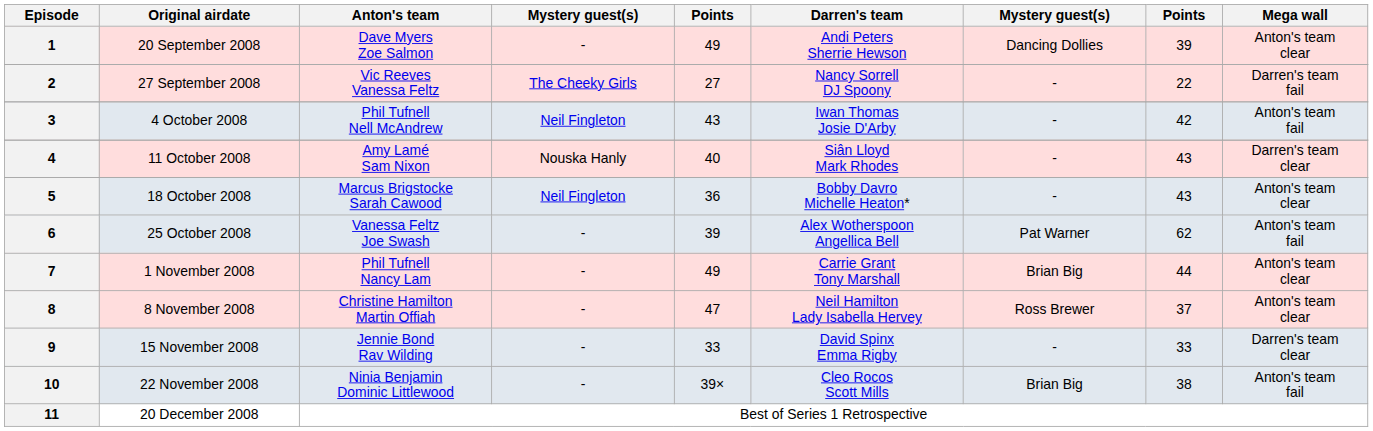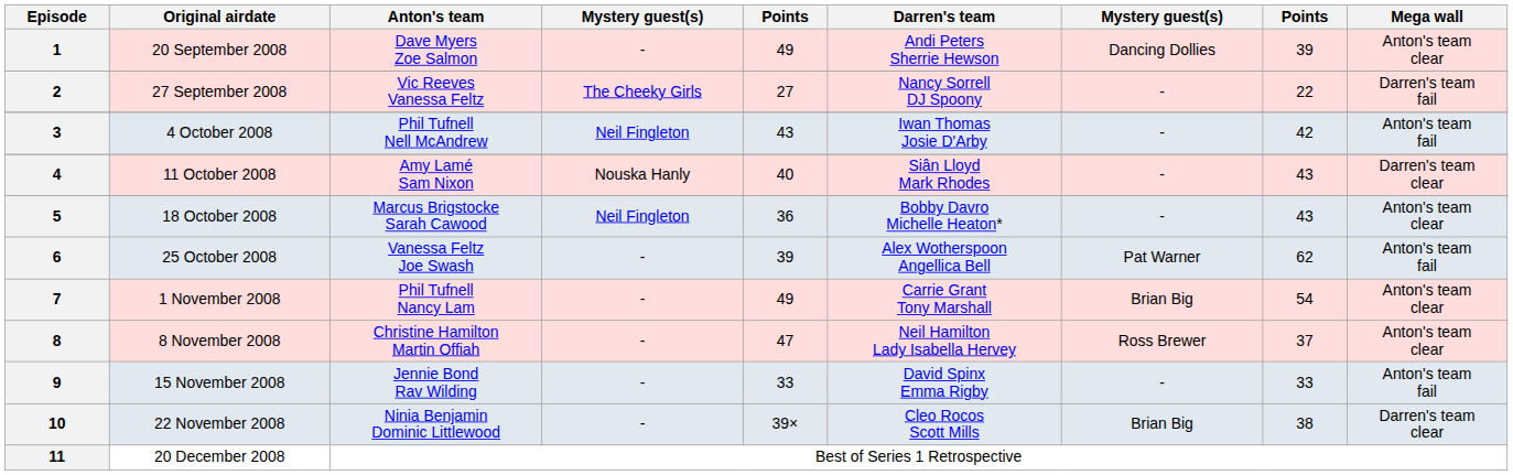 <table class="wikitable" width="99%" style="left: 0 auto; text-align: center;">
 <tr>
 <th>Episode</th>
 <th>Original airdate</th>
 <th>Anton's team</th>
 <th>Mystery guest(s)</th>
 <th>Points</th>
 <th>Darren's team</th>
 <th>Mystery guest(s)</th>
 <th>Points</th>
 <th>Mega wall</th>
 </tr>
 <tr bgcolor="ffdddd">
 <th>1</th>
 <td>20 September 2008</td>
 <td><a href='#'>Dave Myers</a><br><a href='#'>Zoe Salmon</a></td>
 <td>-</td>
 <td>49</td>
 <td><a href='#'>Andi Peters</a><br><a href='#'>Sherrie Hewson</a></td>
 <td>Dancing Dollies</td>
 <td>39</td>
 <td>Anton's team<br>clear</td>
 </tr>
 <tr>
 </tr>
 <tr bgcolor="ffdddd">
 <th>2</th>
 <td>27 September 2008</td>
 <td><a href='#'>Vic Reeves</a><br><a href='#'>Vanessa Feltz</a></td>
 <td><a href='#'>The Cheeky Girls</a></td>
 <td>27</td>
 <td><a href='#'>Nancy Sorrell</a><br><a href='#'>DJ Spoony</a></td>
 <td>-</td>
 <td>22</td>
 <td>Darren's team<br>fail</td>
 </tr>
 <tr>
 </tr>
 <tr bgcolor="E1E8EF">
 <th>3</th>
 <td>4 October 2008</td>
 <td><a href='#'>Phil Tufnell</a><br><a href='#'>Nell McAndrew</a></td>
 <td><a href='#'>Neil Fingleton</a></td>
 <td>43</td>
 <td><a href='#'>Iwan Thomas</a><br><a href='#'>Josie D'Arby</a></td>
 <td>-</td>
 <td>42</td>
 <td>Anton's team<br>fail</td>
 </tr>
 <tr>
 </tr>
 <tr bgcolor="ffdddd">
 <th>4</th>
 <td>11 October 2008</td>
 <td><a href='#'>Amy Lamé</a><br><a href='#'>Sam Nixon</a></td>
 <td>Nouska Hanly</td>
 <td>40</td>
 <td><a href='#'>Siân Lloyd</a><br><a href='#'>Mark Rhodes</a></td>
 <td>-</td>
 <td>43</td>
 <td>Darren's team<br>clear</td>
 </tr>
 <tr>
 </tr>
 <tr bgcolor="E1E8EF">
 <th>5</th>
 <td>18 October 2008</td>
 <td><a href='#'>Marcus Brigstocke</a><br><a href='#'>Sarah Cawood</a></td>
 <td><a href='#'>Neil Fingleton</a></td>
 <td>36</td>
 <td><a href='#'>Bobby Davro</a><br><a href='#'>Michelle Heaton</a>*</td>
 <td>-</td>
 <td>43</td>
 <td>Anton's team<br>clear</td>
 </tr>
 <tr bgcolor="E1E8EF">
 <th>6</th>
 <td>25 October 2008</td>
 <td><a href='#'>Vanessa Feltz</a><br><a href='#'>Joe Swash</a></td>
 <td>-</td>
 <td>39</td>
 <td><a href='#'>Alex Wotherspoon</a><br><a href='#'>Angellica Bell</a></td>
 <td>Pat Warner</td>
 <td>62</td>
 <td>Anton's team<br>fail</td>
 </tr>
 <tr bgcolor="ffdddd">
 <th>7</th>
 <td>1 November 2008</td>
 <td><a href='#'>Phil Tufnell</a><br><a href='#'>Nancy Lam</a></td>
 <td>-</td>
 <td>49</td>
 <td><a href='#'>Carrie Grant</a><br><a href='#'>Tony Marshall</a></td>
 <td>Brian Big</td>
-<td>44</td>
+<td>54</td>
 <td>Anton's team<br>clear</td>
 </tr>
 <tr bgcolor="ffdddd">
 <th>8</th>
 <td>8 November 2008</td>
 <td><a href='#'>Christine Hamilton</a><br><a href='#'>Martin Offiah</a></td>
 <td>-</td>
 <td>47</td>
 <td><a href='#'>Neil Hamilton</a><br><a href='#'>Lady Isabella Hervey</a></td>
 <td>Ross Brewer</td>
 <td>37</td>
 <td>Anton's team<br>clear</td>
 </tr>
 <tr bgcolor="E1E8EF">
 <th>9</th>
 <td>15 November 2008</td>
 <td><a href='#'>Jennie Bond</a><br><a href='#'>Rav Wilding</a></td>
 <td>-</td>
 <td>33</td>
 <td><a href='#'>David Spinx</a><br><a href='#'>Emma Rigby</a></td>
 <td>-</td>
 <td>33</td>
-<td>Darren's team<br>clear</td>
+<td>Anton's team<br>fail</td>
 </tr>
 <tr bgcolor="E1E8EF">
 <th>10</th>
 <td>22 November 2008</td>
 <td><a href='#'>Ninia Benjamin</a><br><a href='#'>Dominic Littlewood</a></td>
 <td>-</td>
 <td>39×</td>
 <td><a href='#'>Cleo Rocos</a><br><a href='#'>Scott Mills</a></td>
 <td>Brian Big</td>
 <td>38</td>
-<td>Anton's team<br>fail</td>
+<td>Darren's team<br>clear</td>
 </tr>
 <tr bgcolor="ffffff">
 <th>11</th>
 <td>20 December 2008</td>
 <td colspan="7">Best of Series 1 Retrospective</td>
 </tr>
 </table>
